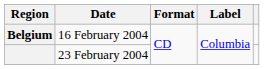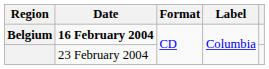 <table class="wikitable plainrowheaders">
 <tr>
 <th scope="col">Region</th>
 <th scope="col">Date</th>
 <th scope="col">Format</th>
 <th scope="col">Label</th>
 <th scope="col"></th>
 </tr>
 <tr>
 <th scope="row">Belgium</th>
-<td>16 February 2004</td>
+<td><strong>16 February 2004</strong></td>
 <td rowspan="2"><a href='#'>CD</a></td>
 <td rowspan="2"><a href='#'>Columbia</a></td>
 <td></td>
 </tr>
 <tr>
 <th scope="row"></th>
 <td>23 February 2004</td>
 <td></td>
 </tr>
 </table>
